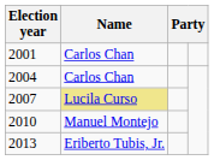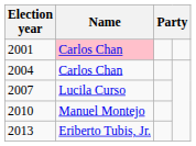 <table class=wikitable>
 <tr>
 <th>Election<br>year</th>
 <th>Name</th>
 <th colspan=2>Party</th>
 </tr>
 <tr>
 <td>2001</td>
-<td><a href='#'>Carlos Chan</a></td>
+<td style="background: pink;"><a href='#'>Carlos Chan</a></td>
 <td></td>
 <td></td>
 </tr>
 <tr>
 <td>2004</td>
 <td><a href='#'>Carlos Chan</a></td>
 <td></td>
 </tr>
 <tr>
 <td>2007</td>
-<td style="background: khaki;"><a href='#'>Lucila Curso</a></td>
+<td><a href='#'>Lucila Curso</a></td>
 <td></td>
 </tr>
 <tr>
 <td>2010</td>
 <td><a href='#'>Manuel Montejo</a></td>
 <td></td>
 </tr>
 <tr>
 <td>2013</td>
 <td><a href='#'>Eriberto Tubis, Jr.</a></td>
 <td></td>
 </tr>
 </table>
